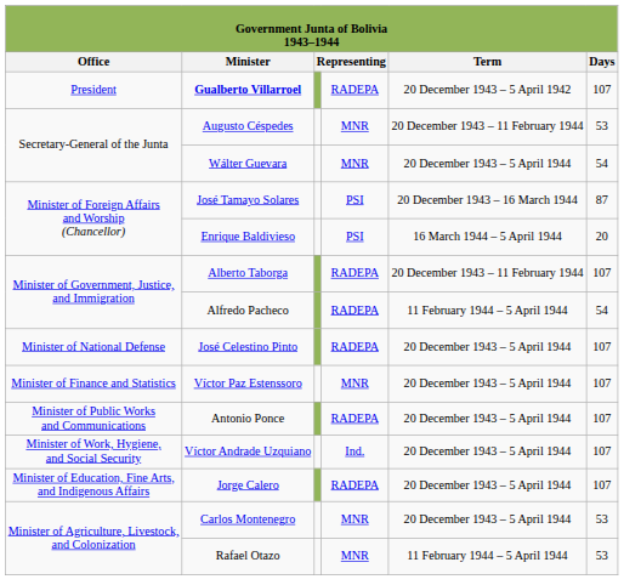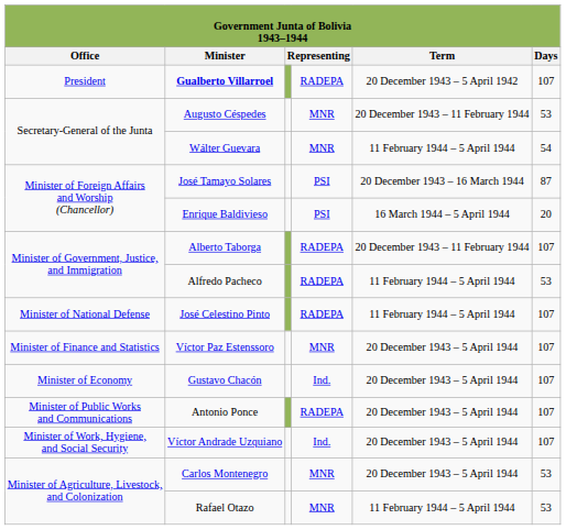 <table class="wikitable" style="text-align:center;">
 <tr>
 <th colspan="6" style="background-color:#92B558;"><br>Government Junta of Bolivia<br>1943–1944</th>
 </tr>
 <tr style="font-weight:bold;">
 <th>Office</th>
 <th>Minister</th>
 <th colspan="2">Representing</th>
 <th>Term</th>
 <th>Days<br></th>
 </tr>
 <tr style="height:3em;">
 <td><a href='#'>President</a></td>
 <td><strong><a href='#'>Gualberto Villarroel</a></strong></td>
 <td style="background:#92B558;"></td>
 <td><a href='#'>RADEPA</a></td>
 <td>20 December 1943 – 5 April 1942</td>
 <td>107<br></td>
 </tr>
 <tr style="height:3em;">
 <td rowspan="2">Secretary-General of the Junta</td>
 <td><a href='#'>Augusto Céspedes</a></td>
 <td style="background:"></td>
 <td><a href='#'>MNR</a></td>
 <td>20 December 1943 – 11 February 1944</td>
 <td>53</td>
 </tr>
 <tr style="height:3em;">
 <td><a href='#'>Wálter Guevara</a></td>
 <td style="background:"></td>
 <td><a href='#'>MNR</a></td>
-<td>20 December 1943 – 5 April 1944</td>
+<td>11 February 1944 – 5 April 1944</td>
 <td>54<br></td>
 </tr>
 <tr style="height:3em;">
 <td rowspan="2"><a href='#'>Minister of Foreign Affairs<br>and Worship</a><br><em>(Chancellor)</em></td>
 <td><a href='#'>José Tamayo Solares</a></td>
 <td style="background:"></td>
 <td><a href='#'>PSI</a></td>
 <td>20 December 1943 – 16 March 1944</td>
 <td>87</td>
 </tr>
 <tr style="height:3em;">
 <td><a href='#'>Enrique Baldivieso</a></td>
 <td style="background:"></td>
 <td><a href='#'>PSI</a></td>
 <td>16 March 1944 – 5 April 1944</td>
 <td>20<br></td>
 </tr>
 <tr style="height:3em;">
 <td rowspan="2"><a href='#'>Minister of Government, Justice,<br>and Immigration</a></td>
 <td><a href='#'>Alberto Taborga</a></td>
 <td style="background:#92B558;"></td>
 <td><a href='#'>RADEPA</a></td>
 <td>20 December 1943 – 11 February 1944</td>
 <td>107</td>
 </tr>
 <tr style="height:3em;">
 <td>Alfredo Pacheco</td>
 <td style="background:#92B558;"></td>
 <td><a href='#'>RADEPA</a></td>
 <td>11 February 1944 – 5 April 1944</td>
-<td>54<br></td>
+<td>53<br></td>
 </tr>
 <tr style="height:3em;">
 <td><a href='#'>Minister of National Defense</a></td>
 <td><a href='#'>José Celestino Pinto</a></td>
 <td style="background:#92B558;"></td>
 <td><a href='#'>RADEPA</a></td>
-<td>20 December 1943 – 5 April 1944</td>
+<td>11 February 1944 – 5 April 1944</td>
 <td>107<br></td>
 </tr>
 <tr style="height:3em;">
 <td><a href='#'>Minister of Finance and Statistics</a></td>
 <td><a href='#'>Víctor Paz Estenssoro</a></td>
 <td style="background:"></td>
 <td><a href='#'>MNR</a></td>
+<td>20 December 1943 – 5 April 1944</td>
+<td>107<br></td>
+</tr>
+<tr style="height:3em;">
+<td><a href='#'>Minister of Economy</a></td>
+<td><a href='#'>Gustavo Chacón</a></td>
+<td style="background:"></td>
+<td><a href='#'>Ind.</a></td>
 <td>20 December 1943 – 5 April 1944</td>
 <td>107<br></td>
 </tr>
 <tr style="height:2em;">
 <td><a href='#'>Minister of Public Works<br>and Communications</a></td>
 <td>Antonio Ponce</td>
 <td style="background:#92B558;"></td>
 <td><a href='#'>RADEPA</a></td>
 <td>20 December 1943 – 5 April 1944</td>
 <td>107<br></td>
 </tr>
 <tr style="height:2em;">
 <td><a href='#'>Minister of Work, Hygiene,<br>and Social Security</a></td>
 <td><a href='#'>Víctor Andrade Uzquiano</a></td>
 <td style="background:"></td>
 <td><a href='#'>Ind.</a></td>
 <td>20 December 1943 – 5 April 1944</td>
 <td>107<br></td>
 </tr>
-<tr style="height:2em;">
-<td><a href='#'>Minister of Education, Fine Arts,<br>and Indigenous Affairs</a></td>
-<td><a href='#'>Jorge Calero</a></td>
-<td style="background:#92B558;"></td>
-<td><a href='#'>RADEPA</a></td>
-<td>20 December 1943 – 5 April 1944</td>
-<td>107<br></td>
-</tr>
 <tr style="height:3em;">
 <td rowspan="2"><a href='#'>Minister of Agriculture, Livestock,<br>and Colonization</a></td>
 <td><a href='#'>Carlos Montenegro</a></td>
 <td style="background:"></td>
 <td><a href='#'>MNR</a></td>
 <td>20 December 1943 – 5 April 1944</td>
 <td>53</td>
 </tr>
 <tr style="height:3em;">
 <td>Rafael Otazo</td>
 <td style="background:"></td>
 <td><a href='#'>MNR</a></td>
 <td>11 February 1944 – 5 April 1944</td>
 <td>53</td>
 </tr>
 </table>
